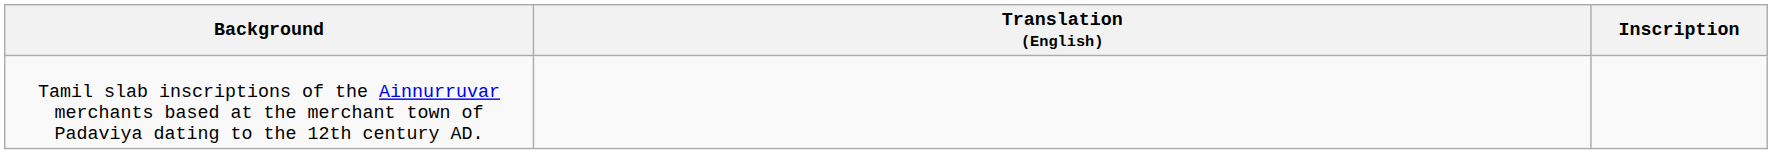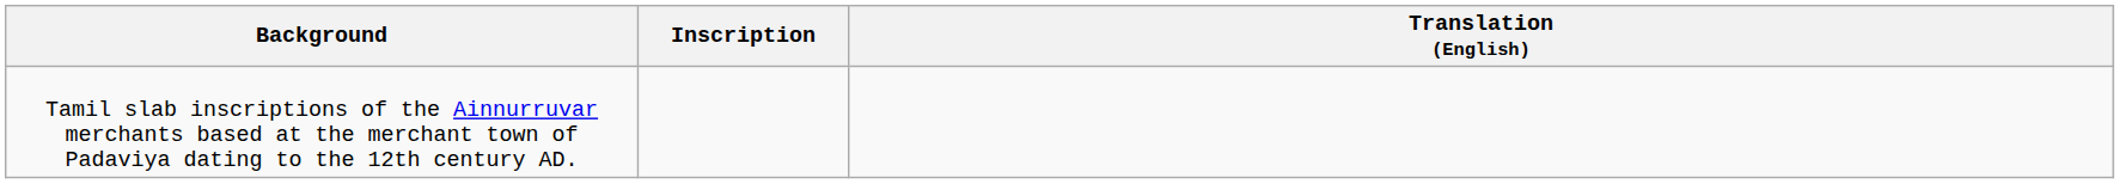 <table class="wikitable centre">
 <tr>
 <th scope="col" align=left>Background<br></th>
+<th>Inscription<br></th>
 <th>Translation<br><small>(English)</small></th>
-<th>Inscription<br></th>
 </tr>
 <tr>
 <td align=center width="30%"><br>Tamil slab inscriptions of the <a href='#'>Ainnurruvar</a> merchants based at the merchant town of Padaviya dating to the 12th century AD.</td>
+<td align=center width="10%"><br></td>
 <td align=left><br></td>
-<td align=center width="10%"><br></td>
 </tr>
 </table>
